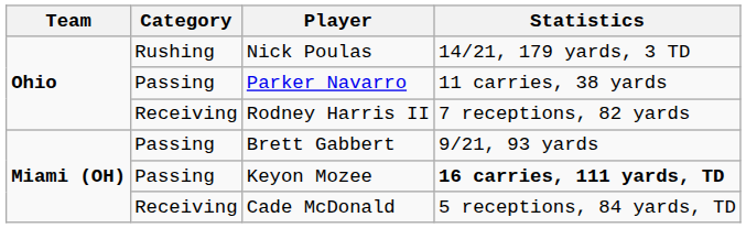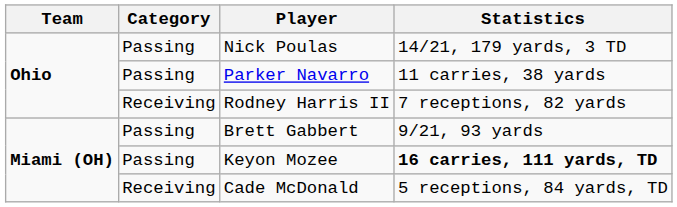 <table class="wikitable" style="float: right;">
 <tr>
 <th>Team</th>
 <th>Category</th>
 <th>Player</th>
 <th>Statistics</th>
 </tr>
 <tr>
 <td rowspan=3><strong>Ohio</strong></td>
-<td>Rushing</td>
+<td>Passing</td>
 <td>Nick Poulas</td>
 <td>14/21, 179 yards, 3 TD</td>
 </tr>
 <tr>
 <td>Passing</td>
 <td><a href='#'>Parker Navarro</a></td>
 <td>11 carries, 38 yards</td>
 </tr>
 <tr>
 <td>Receiving</td>
 <td>Rodney Harris II</td>
 <td>7 receptions, 82 yards</td>
 </tr>
 <tr>
 <td rowspan=3><strong>Miami (OH)</strong></td>
 <td>Passing</td>
 <td>Brett Gabbert</td>
 <td>9/21, 93 yards</td>
 </tr>
 <tr>
 <td>Passing</td>
 <td>Keyon Mozee</td>
 <td><strong>16 carries, 111 yards, TD</strong></td>
 </tr>
 <tr>
 <td>Receiving</td>
 <td>Cade McDonald</td>
 <td>5 receptions, 84 yards, TD</td>
 </tr>
 </table>
